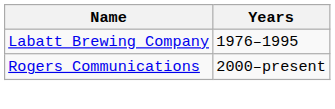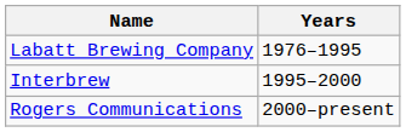 <table class="wikitable">
 <tr>
 <th>Name</th>
 <th>Years</th>
 </tr>
 <tr>
 <td><a href='#'>Labatt Brewing Company</a></td>
 <td>1976–1995</td>
 </tr>
 <tr>
+<td><a href='#'>Interbrew</a></td>
+<td>1995–2000</td>
+</tr>
+<tr>
 <td><a href='#'>Rogers Communications</a></td>
 <td>2000–present</td>
 </tr>
 </table>
